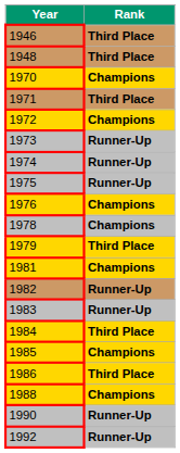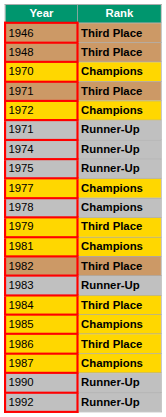 <table class="wikitable">
 <tr>
 </tr>
 <tr style="color:white;">
 <th style="width:95px; background:#00966E;">Year</th>
 <th style="width:110px; background:#00966E;">Rank</th>
 </tr>
 <tr bgcolor=#cc9966>
 <td style="border: 3px solid red"> 1946</td>
 <td><strong>Third Place</strong> </td>
 </tr>
 <tr bgcolor=#cc9966>
 <td style="border: 3px solid red"> 1948</td>
 <td><strong>Third Place</strong> </td>
 </tr>
 <tr bgcolor=gold>
 <td style="border: 3px solid red"> 1970</td>
 <td><strong>Champions</strong> </td>
 </tr>
 <tr bgcolor=#cc9966>
 <td style="border: 3px solid red"> 1971</td>
 <td><strong>Third Place</strong> </td>
 </tr>
 <tr bgcolor=gold>
 <td style="border: 3px solid red"> 1972</td>
 <td><strong>Champions</strong> </td>
 </tr>
 <tr bgcolor=silver>
-<td style="border: 3px solid red"> 1973</td>
+<td style="border: 3px solid red"> 1971</td>
 <td><strong>Runner-Up</strong> </td>
 </tr>
 <tr bgcolor=silver>
 <td style="border: 3px solid red"> 1974</td>
 <td><strong>Runner-Up</strong> </td>
 </tr>
 <tr bgcolor=silver>
 <td style="border: 3px solid red"> 1975</td>
 <td><strong>Runner-Up</strong> </td>
 </tr>
 <tr bgcolor=gold>
-<td style="border: 3px solid red"> 1976</td>
+<td style="border: 3px solid red"> 1977</td>
 <td><strong>Champions</strong> </td>
 </tr>
 <tr bgcolor=silver>
 <td style="border: 3px solid red"> 1978</td>
 <td><strong>Champions</strong> </td>
 </tr>
 <tr bgcolor=gold>
 <td style="border: 3px solid red"> 1979</td>
 <td><strong>Third Place</strong> </td>
 </tr>
 <tr bgcolor=gold>
 <td style="border: 3px solid red"> 1981</td>
 <td><strong>Champions</strong> </td>
 </tr>
 <tr bgcolor=#cc9966>
 <td style="border: 3px solid red"> 1982</td>
-<td><strong>Runner-Up</strong> </td>
+<td><strong>Third Place</strong> </td>
 </tr>
 <tr bgcolor=silver>
 <td style="border: 3px solid red"> 1983</td>
 <td><strong>Runner-Up</strong> </td>
 </tr>
 <tr bgcolor=gold>
 <td style="border: 3px solid red"> 1984</td>
 <td><strong>Third Place</strong> </td>
 </tr>
 <tr bgcolor=gold>
 <td style="border: 3px solid red"> 1985</td>
 <td><strong>Champions</strong> </td>
 </tr>
 <tr bgcolor=gold>
 <td style="border: 3px solid red"> 1986</td>
 <td><strong>Third Place</strong> </td>
 </tr>
 <tr bgcolor=gold>
-<td style="border: 3px solid red"> 1988</td>
+<td style="border: 3px solid red"> 1987</td>
 <td><strong>Champions</strong> </td>
 </tr>
 <tr bgcolor=silver>
 <td style="border: 3px solid red"> 1990</td>
 <td><strong>Runner-Up</strong> </td>
 </tr>
 <tr bgcolor=silver>
 <td style="border: 3px solid red"> 1992</td>
 <td><strong>Runner-Up</strong> </td>
 </tr>
 </table>
